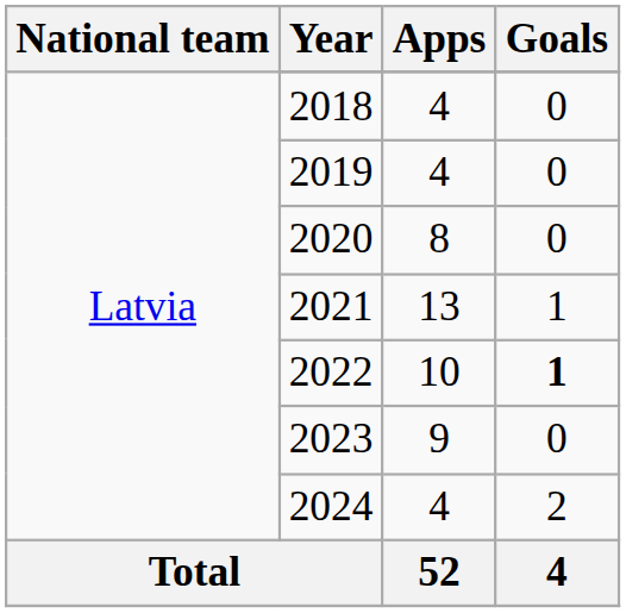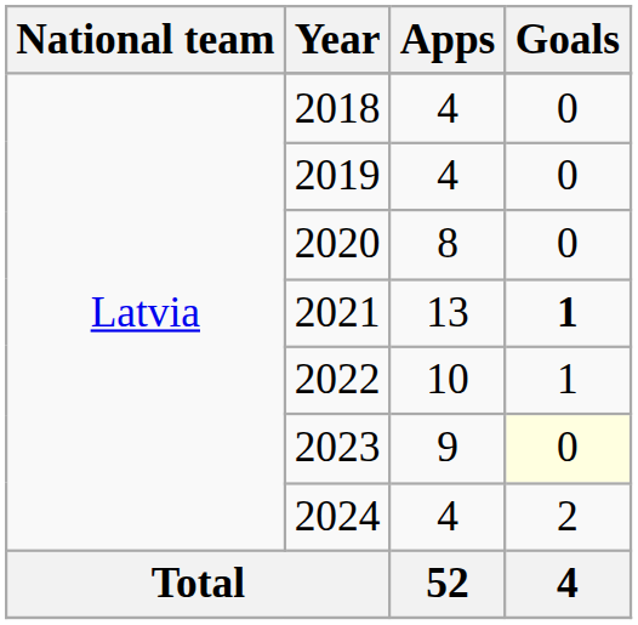 <table class="wikitable" style="text-align:center">
 <tr>
 <th>National team</th>
 <th>Year</th>
 <th>Apps</th>
 <th>Goals</th>
 </tr>
 <tr>
 <td rowspan=8><a href='#'>Latvia</a></td>
 </tr>
 <tr>
 <td>2018</td>
 <td>4</td>
 <td>0</td>
 </tr>
 <tr>
 <td>2019</td>
 <td>4</td>
 <td>0</td>
 </tr>
 <tr>
 <td>2020</td>
 <td>8</td>
 <td>0</td>
 </tr>
 <tr>
 <td>2021</td>
 <td>13</td>
-<td>1</td>
+<td><strong>1</strong></td>
 </tr>
 <tr>
 <td>2022</td>
 <td>10</td>
-<td><strong>1</strong></td>
+<td>1</td>
 </tr>
 <tr>
 <td>2023</td>
 <td>9</td>
-<td>0</td>
+<td style="background: lightyellow;">0</td>
 </tr>
 <tr>
 <td>2024</td>
 <td>4</td>
 <td>2</td>
 </tr>
 <tr>
 <th colspan=2>Total</th>
 <th>52</th>
 <th>4</th>
 </tr>
 <tr>
 </tr>
 </table>
